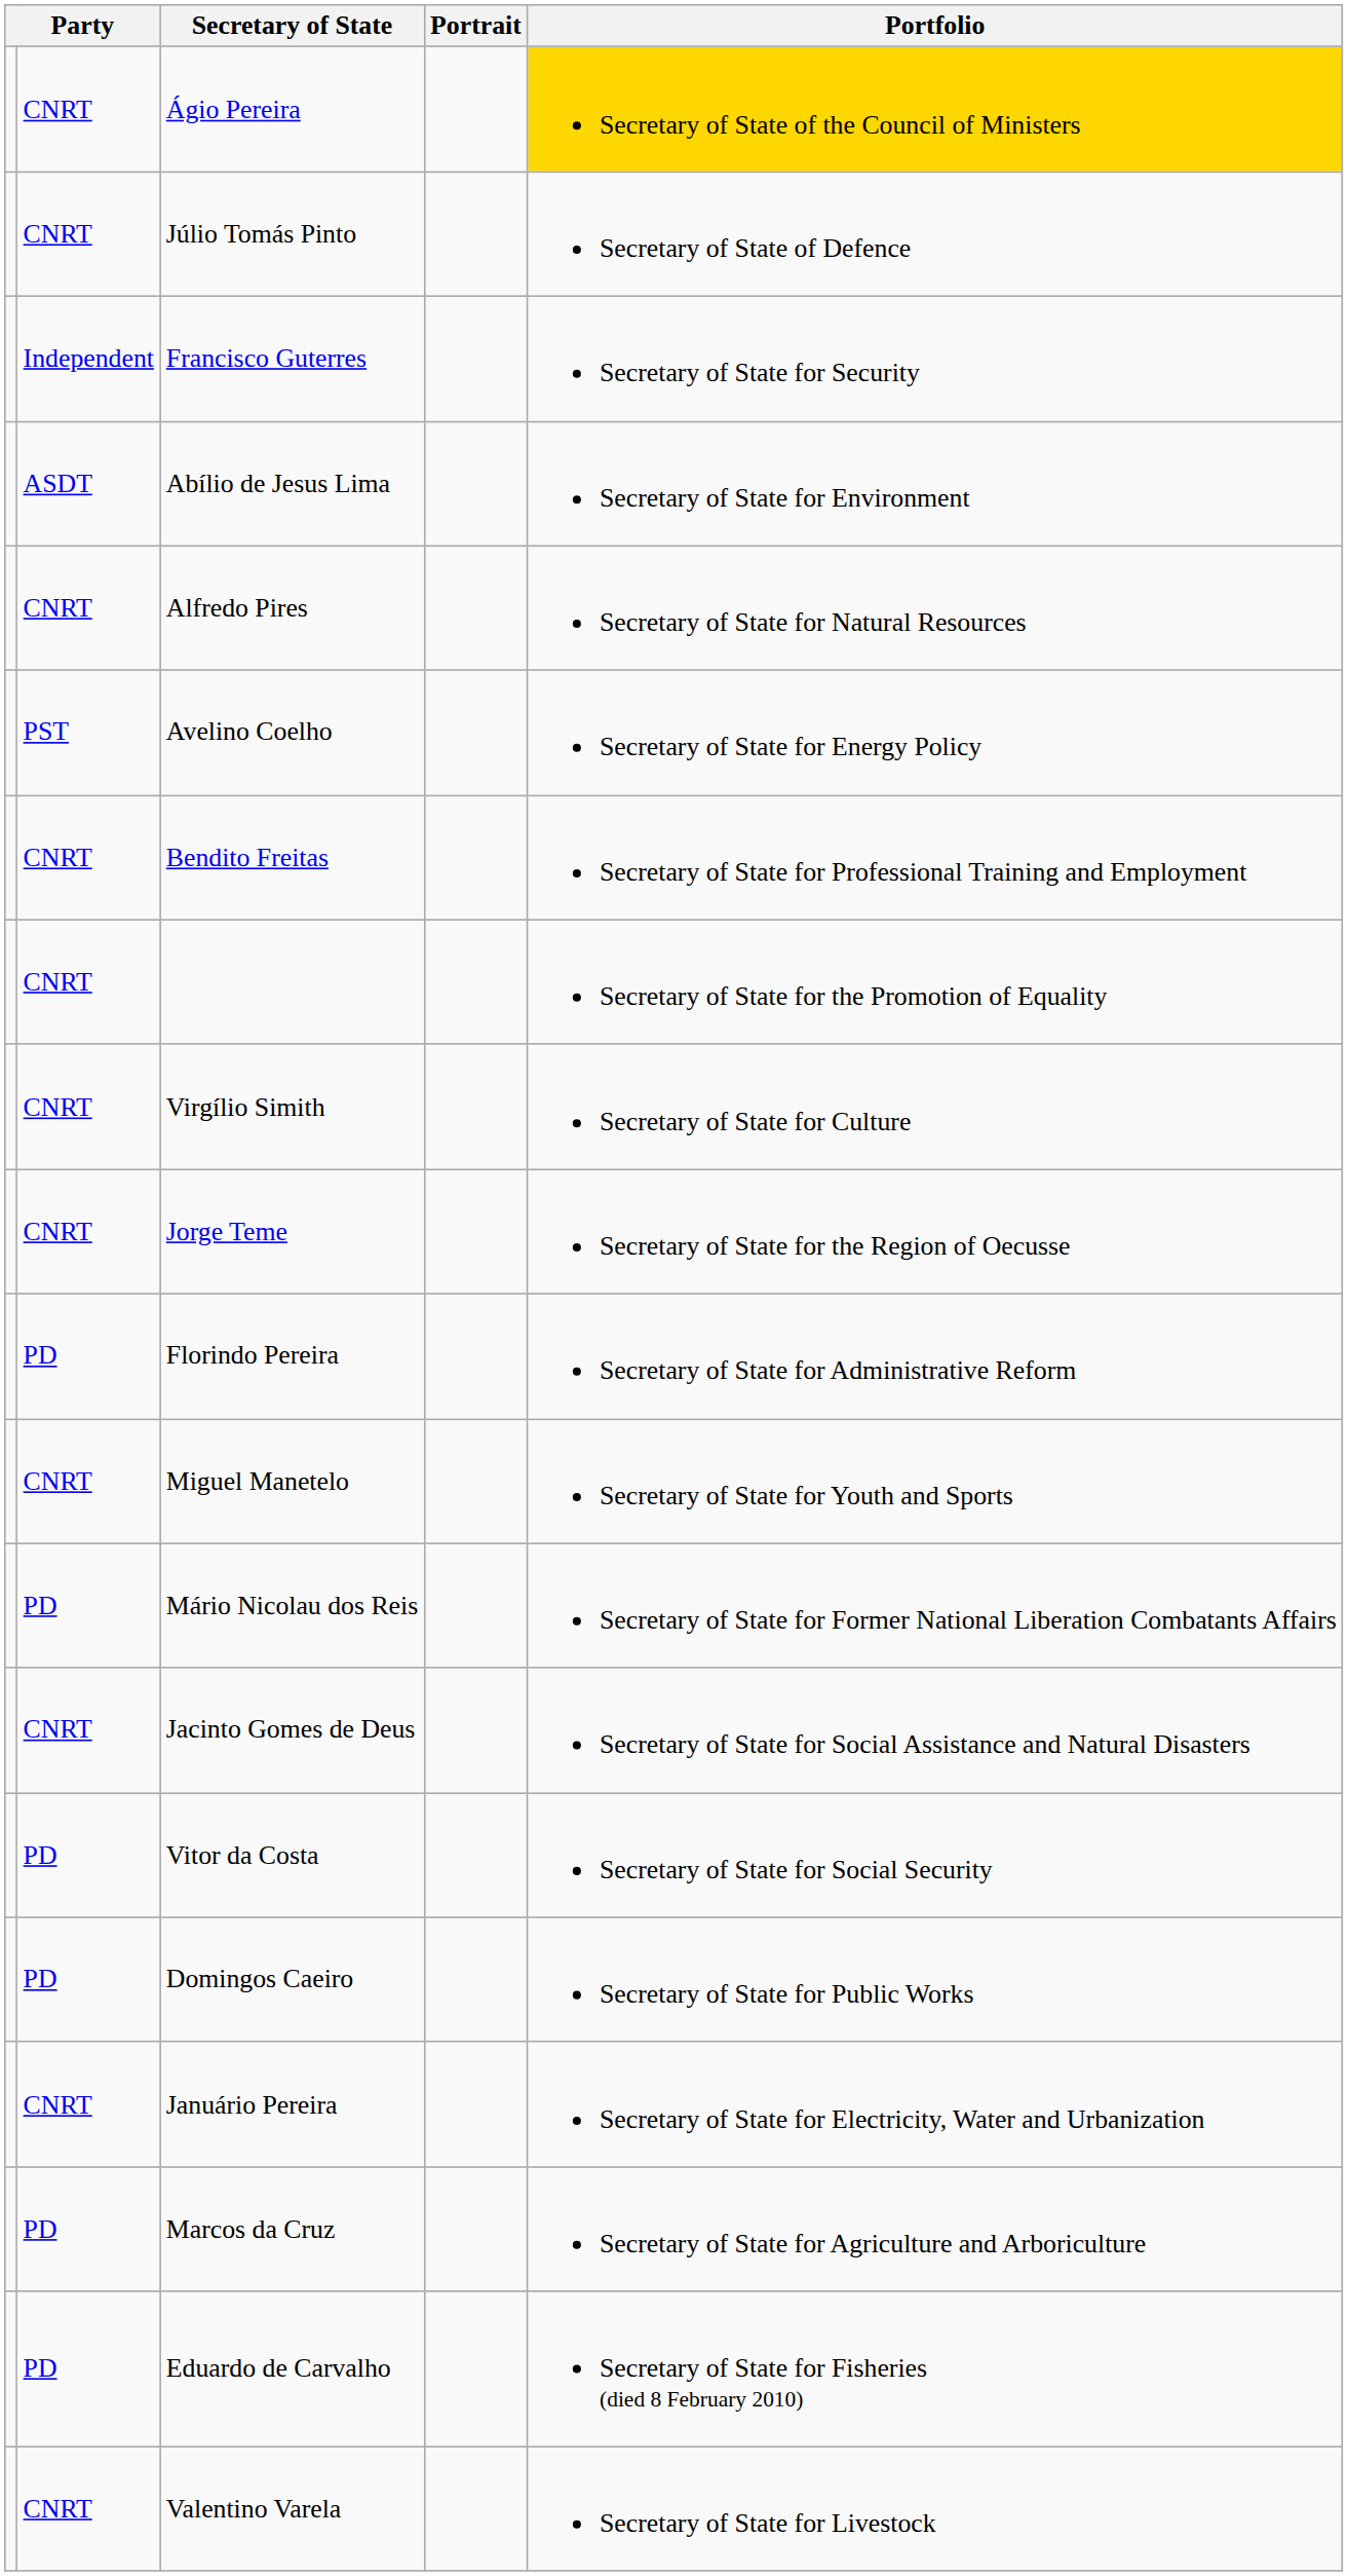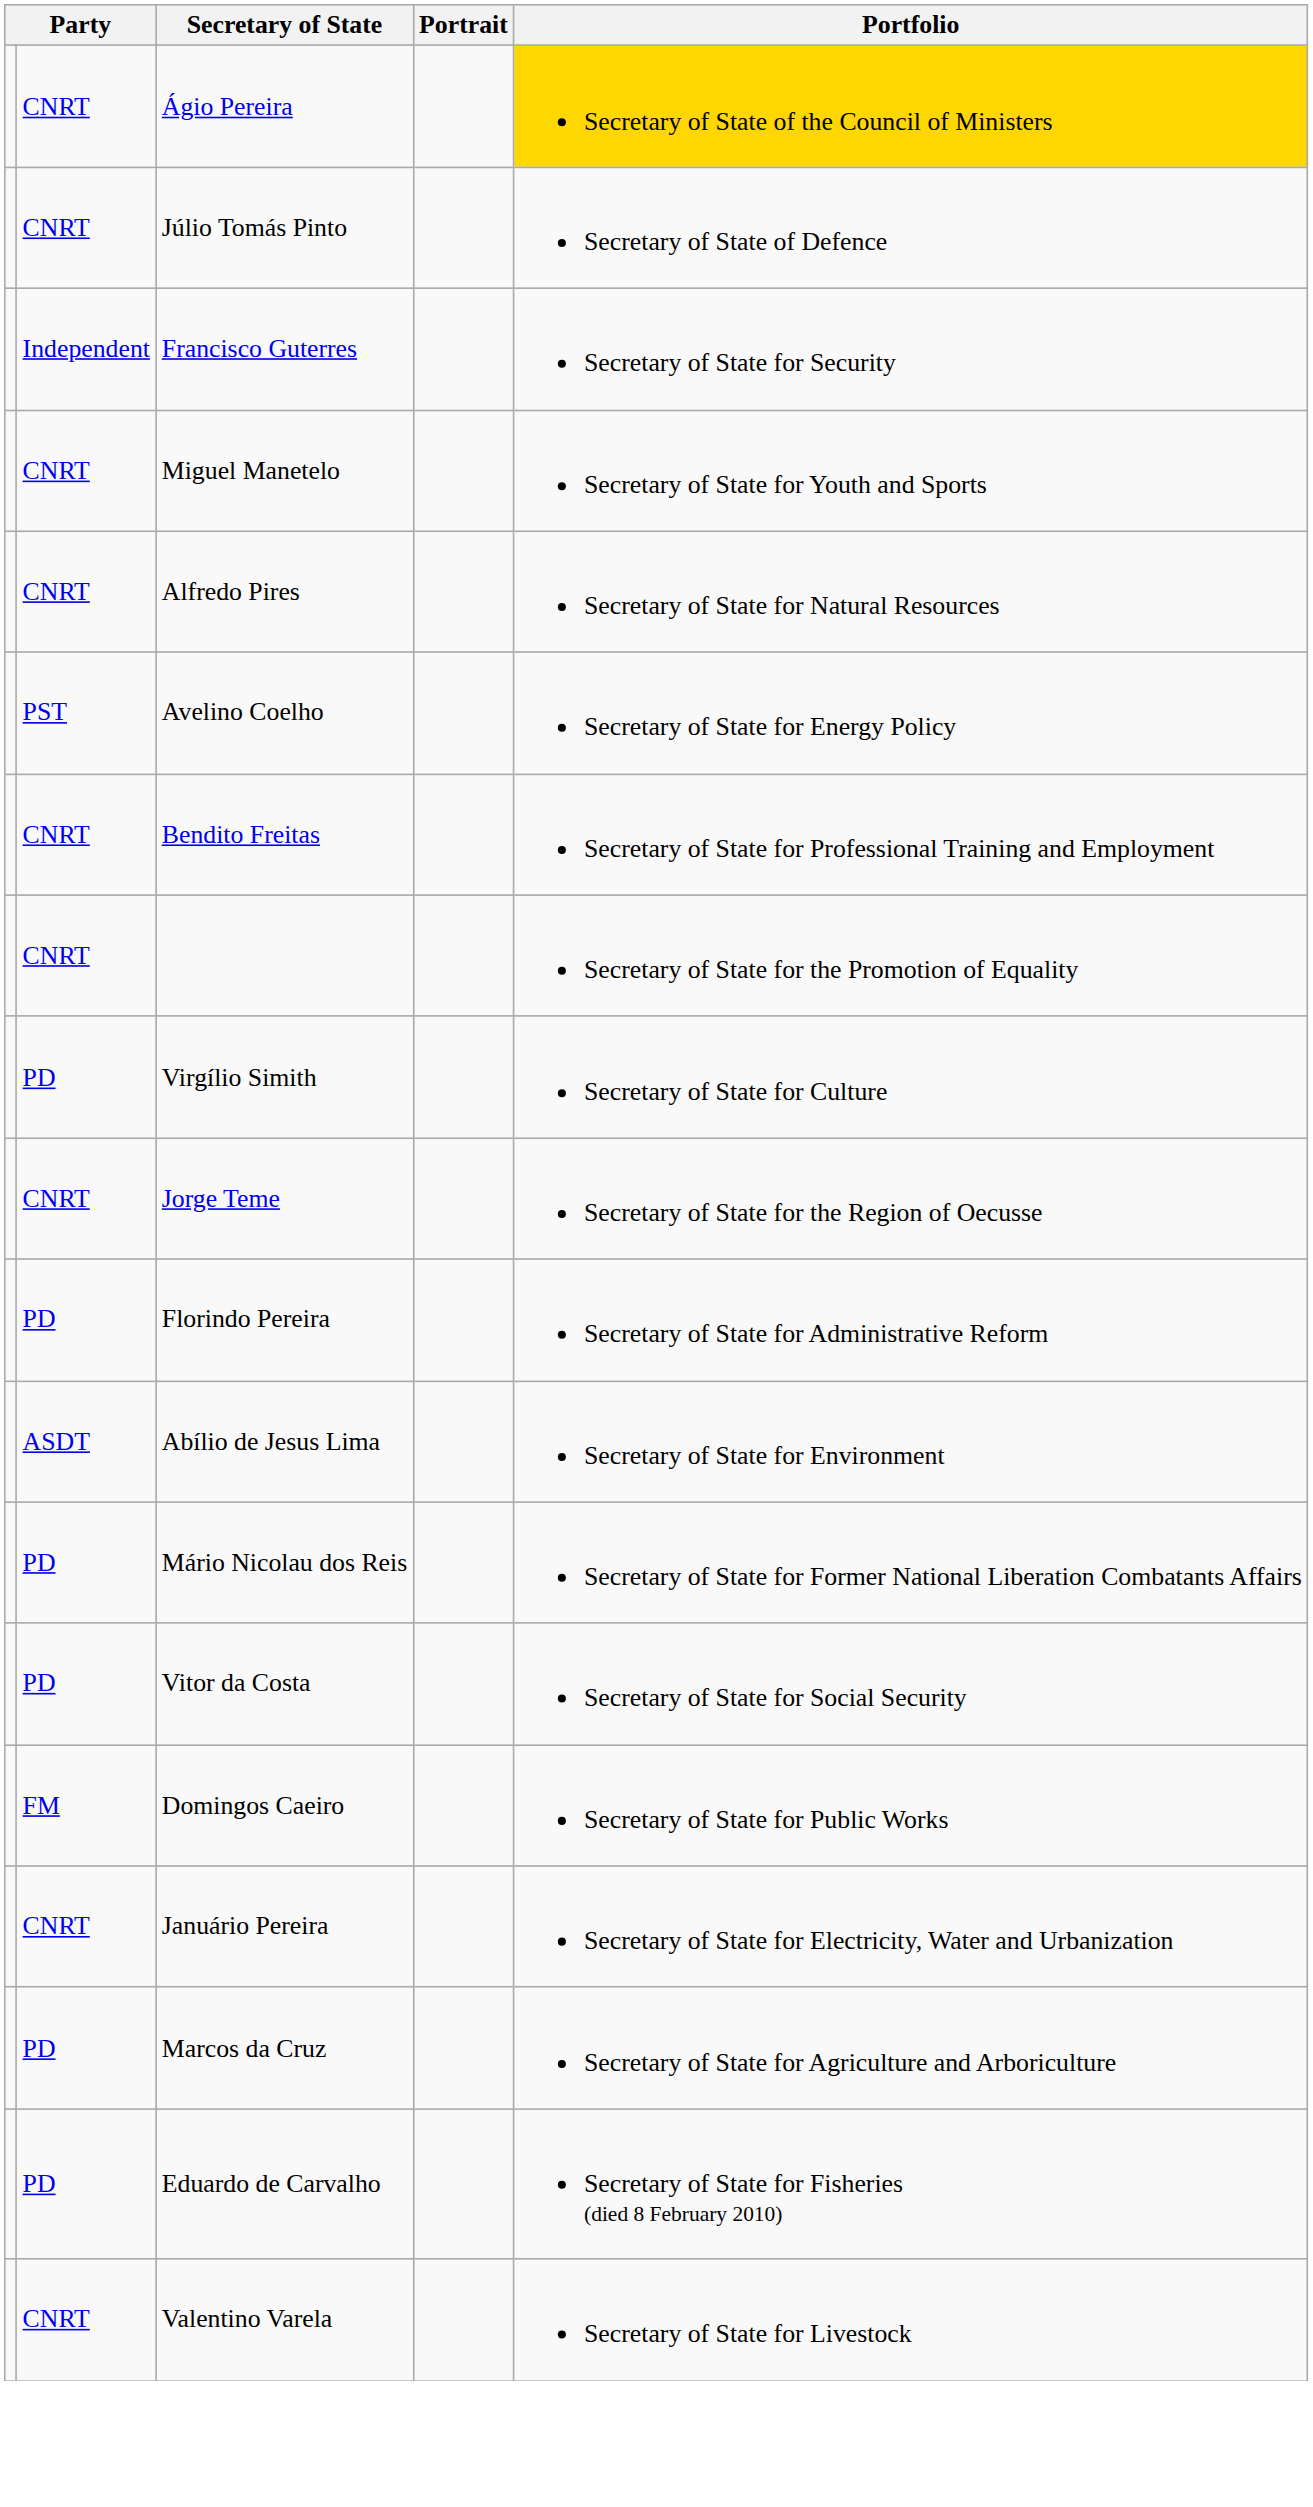 <table class="wikitable sortable">
 <tr>
 <th colspan="2">Party</th>
 <th>Secretary of State</th>
 <th>Portrait</th>
 <th>Portfolio</th>
 </tr>
 <tr>
 <td style="background:"></td>
 <td><a href='#'>CNRT</a></td>
 <td><a href='#'>Ágio Pereira</a></td>
 <td></td>
 <td style="background: gold;"><br><ul><li>Secretary of State of the Council of Ministers</li></ul></td>
 </tr>
 <tr>
 <td style="background:"></td>
 <td><a href='#'>CNRT</a></td>
 <td>Júlio Tomás Pinto</td>
 <td></td>
 <td><br><ul><li>Secretary of State of Defence</li></ul></td>
 </tr>
 <tr>
 <td style="background:"></td>
 <td><a href='#'>Independent</a></td>
 <td><a href='#'>Francisco Guterres</a></td>
 <td></td>
 <td><br><ul><li>Secretary of State for Security</li></ul></td>
 </tr>
 <tr>
 <td style="background:"></td>
-<td><a href='#'>ASDT</a></td>
-<td>Abílio de Jesus Lima</td>
+<td><a href='#'>CNRT</a></td>
+<td>Miguel Manetelo</td>
 <td></td>
-<td><br><ul><li>Secretary of State for Environment</li></ul></td>
+<td><br><ul><li>Secretary of State for Youth and Sports</li></ul></td>
 </tr>
 <tr>
 <td style="background:"></td>
 <td><a href='#'>CNRT</a></td>
 <td>Alfredo Pires</td>
 <td></td>
 <td><br><ul><li>Secretary of State for Natural Resources</li></ul></td>
 </tr>
 <tr>
 <td style="background:"></td>
 <td><a href='#'>PST</a></td>
 <td>Avelino Coelho</td>
 <td></td>
 <td><br><ul><li>Secretary of State for Energy Policy</li></ul></td>
 </tr>
 <tr>
 <td style="background:"></td>
 <td><a href='#'>CNRT</a></td>
 <td><a href='#'>Bendito Freitas</a></td>
 <td></td>
 <td><br><ul><li>Secretary of State for Professional Training and Employment</li></ul></td>
 </tr>
 <tr>
 <td style="background:"></td>
 <td><a href='#'>CNRT</a></td>
 <td></td>
 <td></td>
 <td><br><ul><li>Secretary of State for the Promotion of Equality</li></ul></td>
 </tr>
 <tr>
 <td style="background:"></td>
-<td><a href='#'>CNRT</a></td>
+<td><a href='#'>PD</a></td>
 <td>Virgílio Simith</td>
 <td></td>
 <td><br><ul><li>Secretary of State for Culture</li></ul></td>
 </tr>
 <tr>
 <td style="background:"></td>
 <td><a href='#'>CNRT</a></td>
 <td><a href='#'>Jorge Teme</a></td>
 <td></td>
 <td><br><ul><li>Secretary of State for the Region of Oecusse</li></ul></td>
 </tr>
 <tr>
 <td style="background:"></td>
 <td><a href='#'>PD</a></td>
 <td>Florindo Pereira</td>
 <td></td>
 <td><br><ul><li>Secretary of State for Administrative Reform</li></ul></td>
 </tr>
 <tr>
 <td style="background:"></td>
-<td><a href='#'>CNRT</a></td>
-<td>Miguel Manetelo</td>
+<td><a href='#'>ASDT</a></td>
+<td>Abílio de Jesus Lima</td>
 <td></td>
-<td><br><ul><li>Secretary of State for Youth and Sports</li></ul></td>
+<td><br><ul><li>Secretary of State for Environment</li></ul></td>
 </tr>
 <tr>
 <td style="background:"></td>
 <td><a href='#'>PD</a></td>
 <td>Mário Nicolau dos Reis</td>
 <td></td>
 <td><br><ul><li>Secretary of State for Former National Liberation Combatants Affairs</li></ul></td>
 </tr>
 <tr>
 <td style="background:"></td>
-<td><a href='#'>CNRT</a></td>
-<td>Jacinto Gomes de Deus</td>
-<td></td>
-<td><br><ul><li>Secretary of State for Social Assistance and Natural Disasters</li></ul></td>
-</tr>
-<tr>
-<td style="background:"></td>
 <td><a href='#'>PD</a></td>
 <td>Vitor da Costa</td>
 <td></td>
 <td><br><ul><li>Secretary of State for Social Security</li></ul></td>
 </tr>
 <tr>
 <td style="background:"></td>
-<td><a href='#'>PD</a></td>
+<td><a href='#'>FM</a></td>
 <td>Domingos Caeiro</td>
 <td></td>
 <td><br><ul><li>Secretary of State for Public Works</li></ul></td>
 </tr>
 <tr>
 <td style="background:"></td>
 <td><a href='#'>CNRT</a></td>
 <td>Januário Pereira</td>
 <td></td>
 <td><br><ul><li>Secretary of State for Electricity, Water and Urbanization</li></ul></td>
 </tr>
 <tr>
 <td style="background:"></td>
 <td><a href='#'>PD</a></td>
 <td>Marcos da Cruz</td>
 <td></td>
 <td><br><ul><li>Secretary of State for Agriculture and Arboriculture</li></ul></td>
 </tr>
 <tr>
 <td style="background:"></td>
 <td><a href='#'>PD</a></td>
 <td>Eduardo de Carvalho</td>
 <td></td>
 <td><br><ul><li>Secretary of State for Fisheries<br><small>(died 8 February 2010)</small></li></ul></td>
 </tr>
 <tr>
 <td style="background:"></td>
 <td><a href='#'>CNRT</a></td>
 <td>Valentino Varela</td>
 <td></td>
 <td><br><ul><li>Secretary of State for Livestock</li></ul></td>
 </tr>
 </table>
